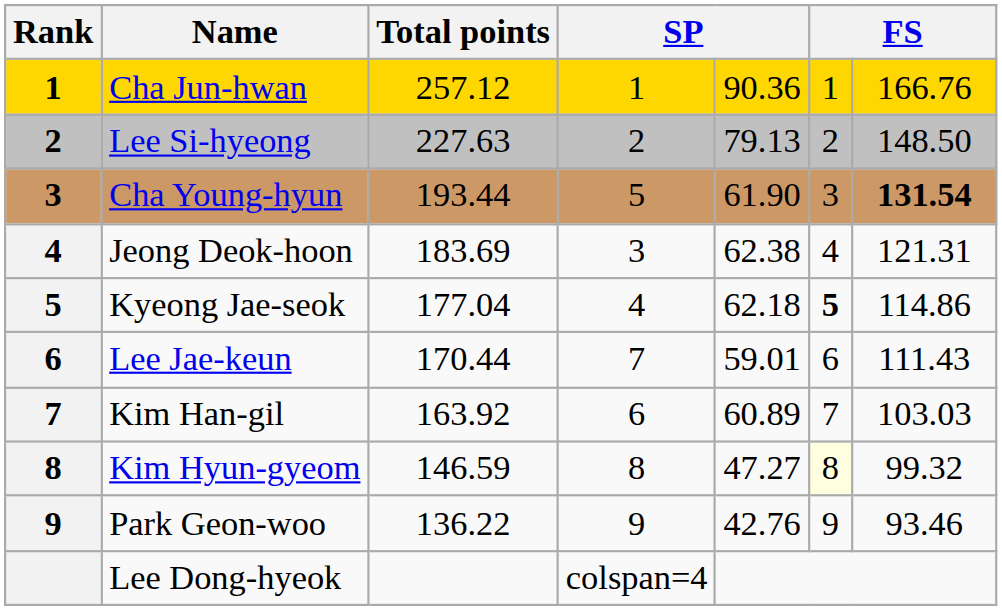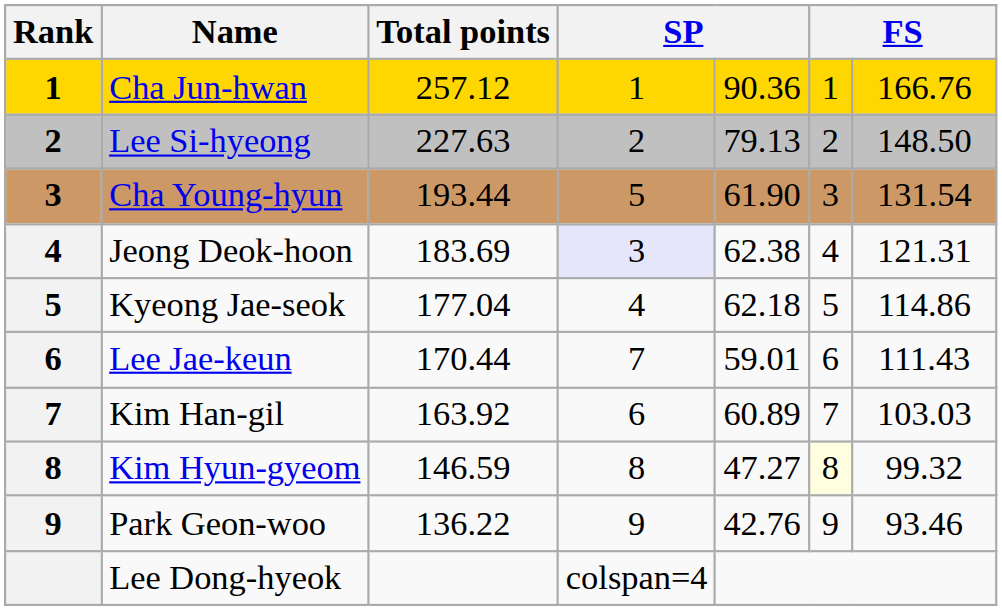 <table class="wikitable sortable">
 <tr>
 <th>Rank</th>
 <th>Name</th>
 <th>Total points</th>
 <th colspan="2" width="80px"><a href='#'>SP</a></th>
 <th colspan="2" width="80px"><a href='#'>FS</a></th>
 </tr>
 <tr bgcolor="gold">
 <td align="center"><strong>1</strong></td>
 <td><a href='#'>Cha Jun-hwan</a></td>
 <td align="center">257.12</td>
 <td align="center">1</td>
 <td align="center">90.36</td>
 <td align="center">1</td>
 <td align="center">166.76</td>
 </tr>
 <tr bgcolor="silver">
 <td align="center"><strong>2</strong></td>
 <td><a href='#'>Lee Si-hyeong</a></td>
 <td align="center">227.63</td>
 <td align="center">2</td>
 <td align="center">79.13</td>
 <td align="center">2</td>
 <td align="center">148.50</td>
 </tr>
 <tr bgcolor="cc9966">
 <td align="center"><strong>3</strong></td>
 <td><a href='#'>Cha Young-hyun</a></td>
 <td align="center">193.44</td>
 <td align="center">5</td>
 <td align="center">61.90</td>
 <td align="center">3</td>
-<td align="center"><strong>131.54</strong></td>
+<td align="center">131.54</td>
 </tr>
 <tr>
 <th>4</th>
 <td>Jeong Deok-hoon</td>
 <td align="center">183.69</td>
-<td align="center">3</td>
+<td align="center" style="background: lavender;">3</td>
 <td align="center">62.38</td>
 <td align="center">4</td>
 <td align="center">121.31</td>
 </tr>
 <tr>
 <th>5</th>
 <td>Kyeong Jae-seok</td>
 <td align="center">177.04</td>
 <td align="center">4</td>
 <td align="center">62.18</td>
-<td align="center"><strong>5</strong></td>
+<td align="center">5</td>
 <td align="center">114.86</td>
 </tr>
 <tr>
 <th>6</th>
 <td><a href='#'>Lee Jae-keun</a></td>
 <td align="center">170.44</td>
 <td align="center">7</td>
 <td align="center">59.01</td>
 <td align="center">6</td>
 <td align="center">111.43</td>
 </tr>
 <tr>
 <th>7</th>
 <td>Kim Han-gil</td>
 <td align="center">163.92</td>
 <td align="center">6</td>
 <td align="center">60.89</td>
 <td align="center">7</td>
 <td align="center">103.03</td>
 </tr>
 <tr>
 <th>8</th>
 <td><a href='#'>Kim Hyun-gyeom</a></td>
 <td align="center">146.59</td>
 <td align="center">8</td>
 <td align="center">47.27</td>
 <td align="center" style="background: lightyellow;">8</td>
 <td align="center">99.32</td>
 </tr>
 <tr>
 <th>9</th>
 <td>Park Geon-woo</td>
 <td align="center">136.22</td>
 <td align="center">9</td>
 <td align="center">42.76</td>
 <td align="center">9</td>
 <td align="center">93.46</td>
 </tr>
 <tr>
 <th></th>
 <td>Lee Dong-hyeok</td>
 <td></td>
 <td>colspan=4 </td>
 </tr>
 </table>
